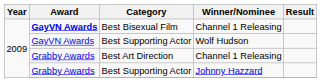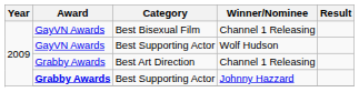 <table class="wikitable" style="font-size:95%;">
 <tr>
 <th>Year</th>
 <th>Award</th>
 <th>Category</th>
 <th>Winner/Nominee</th>
 <th>Result</th>
 </tr>
 <tr>
 <td rowspan="23">2009</td>
-<td><strong><a href='#'>GayVN Awards</a></strong></td>
+<td><a href='#'>GayVN Awards</a></td>
 <td>Best Bisexual Film</td>
 <td>Channel 1 Releasing</td>
 <td></td>
 </tr>
 <tr>
 <td><a href='#'>GayVN Awards</a></td>
 <td>Best Supporting Actor</td>
 <td>Wolf Hudson</td>
 <td></td>
 </tr>
 <tr>
 <td><a href='#'>Grabby Awards</a></td>
 <td>Best Art Direction</td>
 <td>Channel 1 Releasing</td>
 <td></td>
 </tr>
 <tr>
-<td><a href='#'>Grabby Awards</a></td>
+<td><strong><a href='#'>Grabby Awards</a></strong></td>
 <td>Best Supporting Actor</td>
 <td><a href='#'>Johnny Hazzard</a></td>
 <td></td>
 </tr>
 <tr>
 </tr>
 </table>
